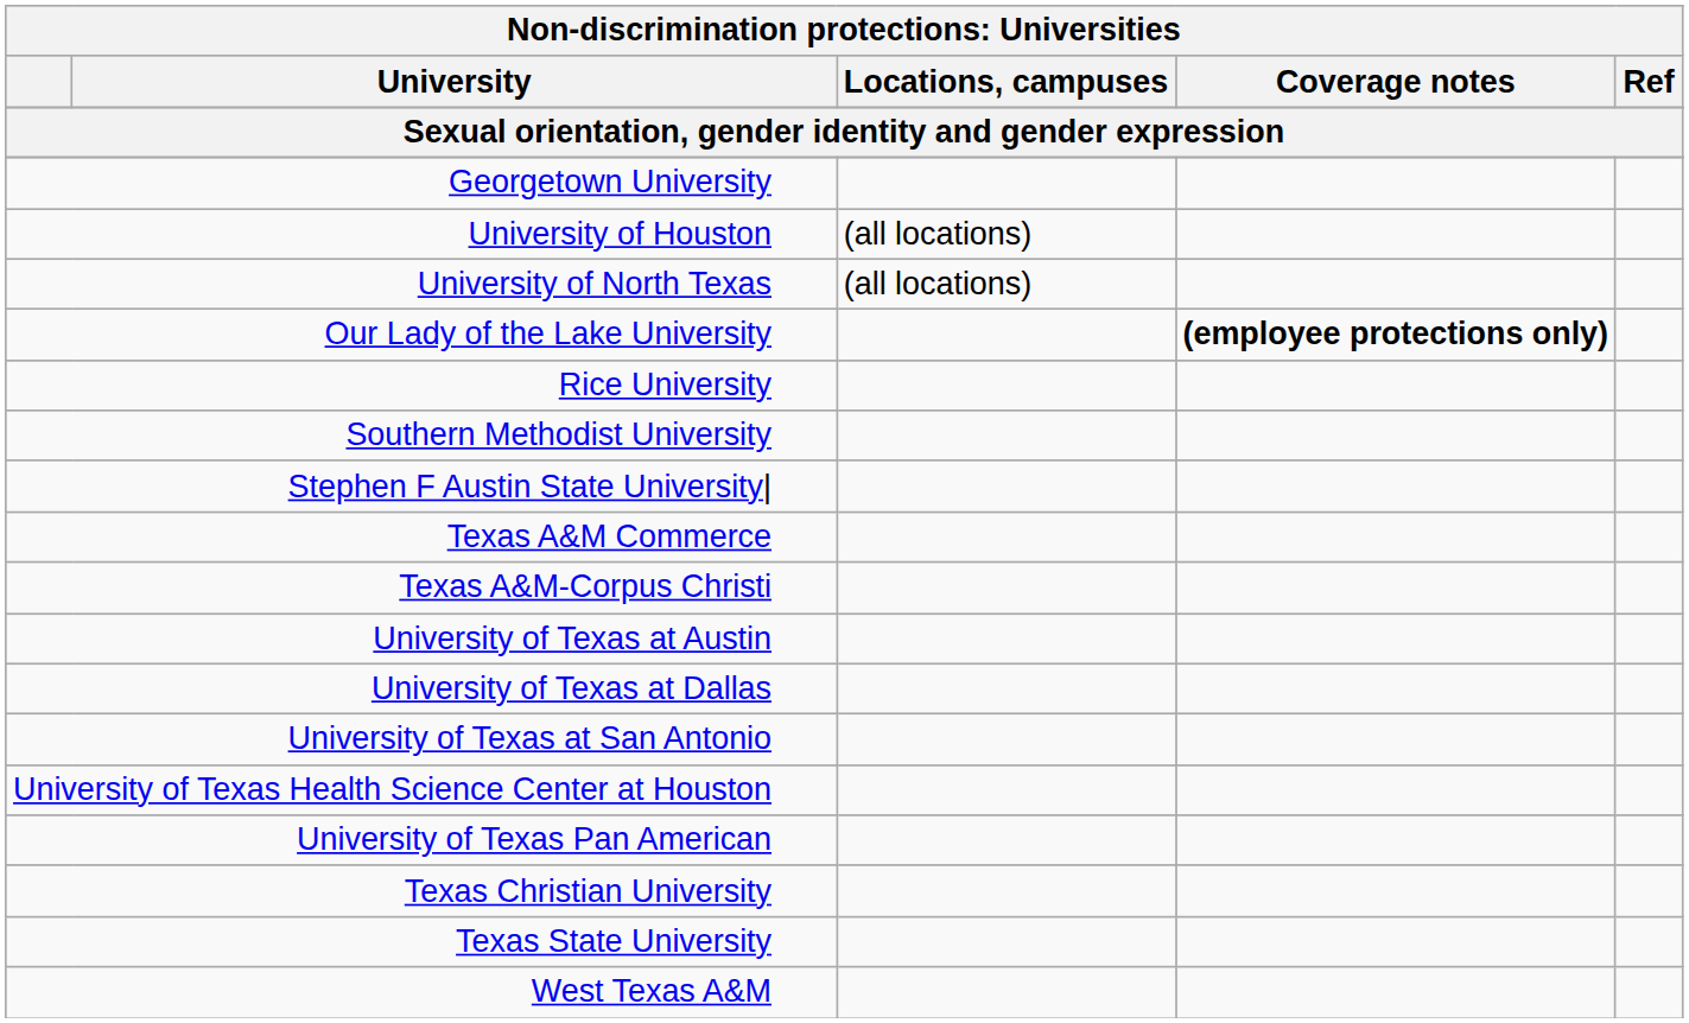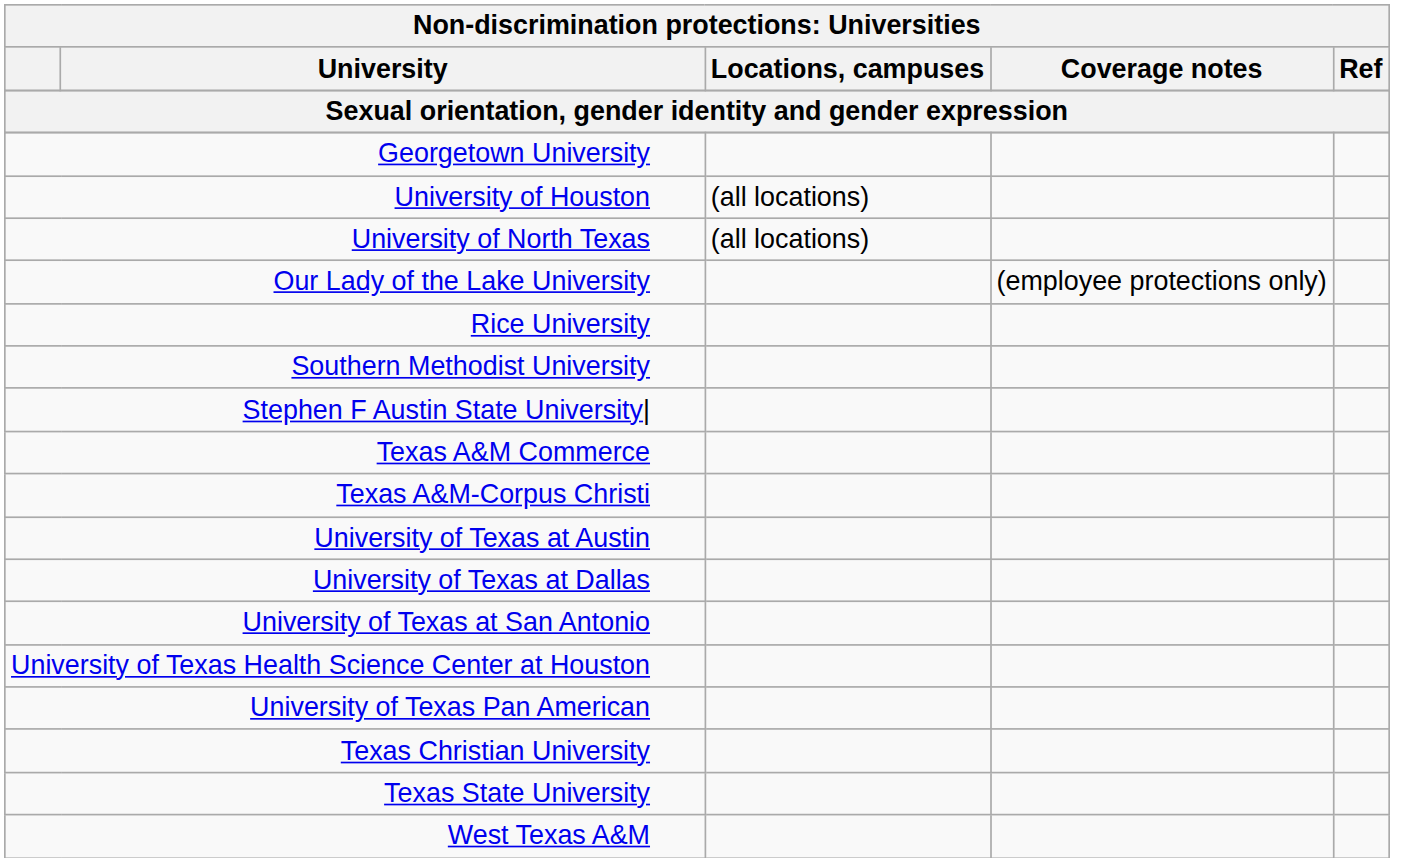 <table class="wikitable mw-collapsible mw-collapsed sortable static-row-numbers static-row-header-text=2">
 <tr>
 <th colspan=56>Non-discrimination protections: Universities</th>
 </tr>
 <tr>
 <th></th>
 <th>University</th>
 <th>Locations, campuses</th>
 <th>Coverage notes</th>
 <th>Ref</th>
 </tr>
 <tr>
 </tr>
 <tr ->
 <th colspan=5>Sexual orientation, gender identity and gender expression</th>
 </tr>
 <tr>
 </tr>
 <tr ->
 <td colspan="2" style="text-align:right; padding-right: 2em;"><a href='#'>Georgetown University</a></td>
 <td></td>
 <td></td>
 <td></td>
 </tr>
 <tr>
 <td colspan="2" style="text-align:right; padding-right: 2em;"><a href='#'>University of Houston</a></td>
 <td>(all locations)</td>
 <td></td>
 <td></td>
 </tr>
 <tr>
 <td colspan="2" style="text-align:right; padding-right: 2em;"><a href='#'>University of North Texas</a></td>
 <td>(all locations)</td>
 <td></td>
 <td></td>
 </tr>
 <tr>
 <td colspan="2" style="text-align:right; padding-right: 2em;"><a href='#'>Our Lady of the Lake University</a></td>
 <td></td>
-<td><strong>(employee protections only)</strong></td>
+<td>(employee protections only)</td>
 <td></td>
 </tr>
 <tr>
 <td colspan="2" style="text-align:right; padding-right: 2em;"><a href='#'>Rice University</a></td>
 <td></td>
 <td></td>
 <td></td>
 </tr>
 <tr>
 <td colspan="2" style="text-align:right; padding-right: 2em;"><a href='#'>Southern Methodist University</a></td>
 <td></td>
 <td></td>
 <td></td>
 </tr>
 <tr>
 <td colspan="2" style="text-align:right; padding-right: 2em;"><a href='#'>Stephen F Austin State University</a>|</td>
 <td></td>
 <td></td>
 <td></td>
 </tr>
 <tr>
 <td colspan="2" style="text-align:right; padding-right: 2em;"><a href='#'>Texas A&M Commerce</a></td>
 <td></td>
 <td></td>
 <td></td>
 </tr>
 <tr>
 <td colspan="2" style="text-align:right; padding-right: 2em;"><a href='#'>Texas A&M-Corpus Christi</a></td>
 <td></td>
 <td></td>
 <td></td>
 </tr>
 <tr>
 <td colspan="2" style="text-align:right; padding-right: 2em;"><a href='#'>University of Texas at Austin</a></td>
 <td></td>
 <td></td>
 <td></td>
 </tr>
 <tr>
 <td colspan="2" style="text-align:right; padding-right: 2em;"><a href='#'>University of Texas at Dallas</a></td>
 <td></td>
 <td></td>
 <td></td>
 </tr>
 <tr>
 <td colspan="2" style="text-align:right; padding-right: 2em;"><a href='#'>University of Texas at San Antonio</a></td>
 <td></td>
 <td></td>
 <td></td>
 </tr>
 <tr>
 <td colspan="2" style="text-align:right; padding-right: 2em;"><a href='#'>University of Texas Health Science Center at Houston</a></td>
 <td></td>
 <td></td>
 <td></td>
 </tr>
 <tr>
 <td colspan="2" style="text-align:right; padding-right: 2em;"><a href='#'>University of Texas Pan American</a></td>
 <td></td>
 <td></td>
 <td></td>
 </tr>
 <tr>
 <td colspan="2" style="text-align:right; padding-right: 2em;"><a href='#'>Texas Christian University</a></td>
 <td></td>
 <td></td>
 <td></td>
 </tr>
 <tr>
 <td colspan="2" style="text-align:right; padding-right: 2em;"><a href='#'>Texas State University</a></td>
 <td></td>
 <td></td>
 <td></td>
 </tr>
 <tr>
 <td colspan="2" style="text-align:right; padding-right: 2em;"><a href='#'>West Texas A&M</a></td>
 <td></td>
 <td></td>
 <td></td>
 </tr>
 </table>
